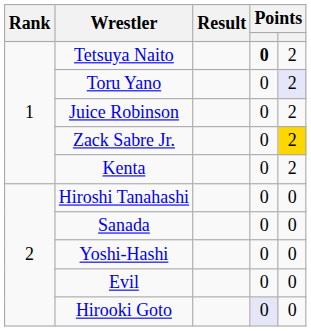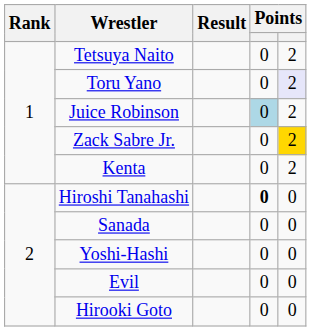 <table class="wikitable mw-collapsible mw-collapsed" plainrowheaders sortable" style="text-align: center">
 <tr>
 <th scope="col" rowspan="2">Rank</th>
 <th scope="col" rowspan="2">Wrestler</th>
 <th scope="col" rowspan="2">Result</th>
 <th scope="col" colspan="2">Points</th>
 </tr>
 <tr>
 <th></th>
 <th></th>
 </tr>
 <tr>
 <td rowspan="5">1</td>
 <td><a href='#'>Tetsuya Naito</a></td>
 <td></td>
-<td><strong>0</strong></td>
+<td>0</td>
 <td>2</td>
 </tr>
 <tr>
 <td><a href='#'>Toru Yano</a></td>
 <td></td>
 <td>0</td>
 <td style="background: lavender;">2</td>
 </tr>
 <tr>
 <td><a href='#'>Juice Robinson</a></td>
 <td></td>
-<td>0</td>
+<td style="background: lightblue;">0</td>
 <td>2</td>
 </tr>
 <tr>
 <td><a href='#'>Zack Sabre Jr.</a></td>
 <td></td>
 <td>0</td>
 <td style="background: gold;">2</td>
 </tr>
 <tr>
 <td><a href='#'>Kenta</a></td>
 <td></td>
 <td>0</td>
 <td>2</td>
 </tr>
 <tr>
 <td rowspan="5">2</td>
 <td><a href='#'>Hiroshi Tanahashi</a></td>
 <td></td>
-<td>0</td>
+<td><strong>0</strong></td>
 <td>0</td>
 </tr>
 <tr>
 <td><a href='#'>Sanada</a></td>
 <td></td>
 <td>0</td>
 <td>0</td>
 </tr>
 <tr>
 <td><a href='#'>Yoshi-Hashi</a></td>
 <td></td>
 <td>0</td>
 <td>0</td>
 </tr>
 <tr>
 <td><a href='#'>Evil</a></td>
 <td></td>
 <td>0</td>
 <td>0</td>
 </tr>
 <tr>
 <td><a href='#'>Hirooki Goto</a></td>
 <td></td>
-<td style="background: lavender;">0</td>
+<td>0</td>
 <td>0</td>
 </tr>
 </table>
